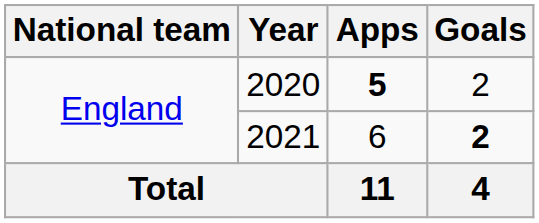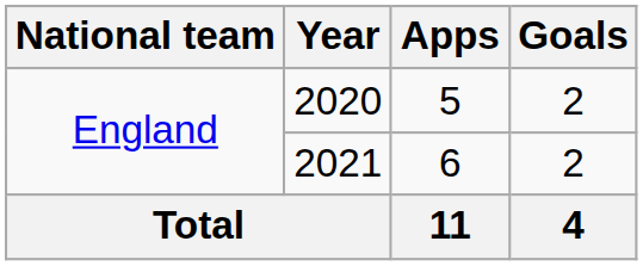 <table class=wikitable style=text-align:center>
 <tr>
 <th>National team</th>
 <th>Year</th>
 <th>Apps</th>
 <th>Goals</th>
 </tr>
 <tr>
 <td rowspan="2"><a href='#'>England</a></td>
 <td>2020</td>
-<td><strong>5</strong></td>
+<td>5</td>
 <td>2</td>
 </tr>
 <tr>
 <td>2021</td>
 <td>6</td>
-<td><strong>2</strong></td>
+<td>2</td>
 </tr>
 <tr>
 <th colspan=2>Total</th>
 <th>11</th>
 <th>4</th>
 </tr>
 </table>
